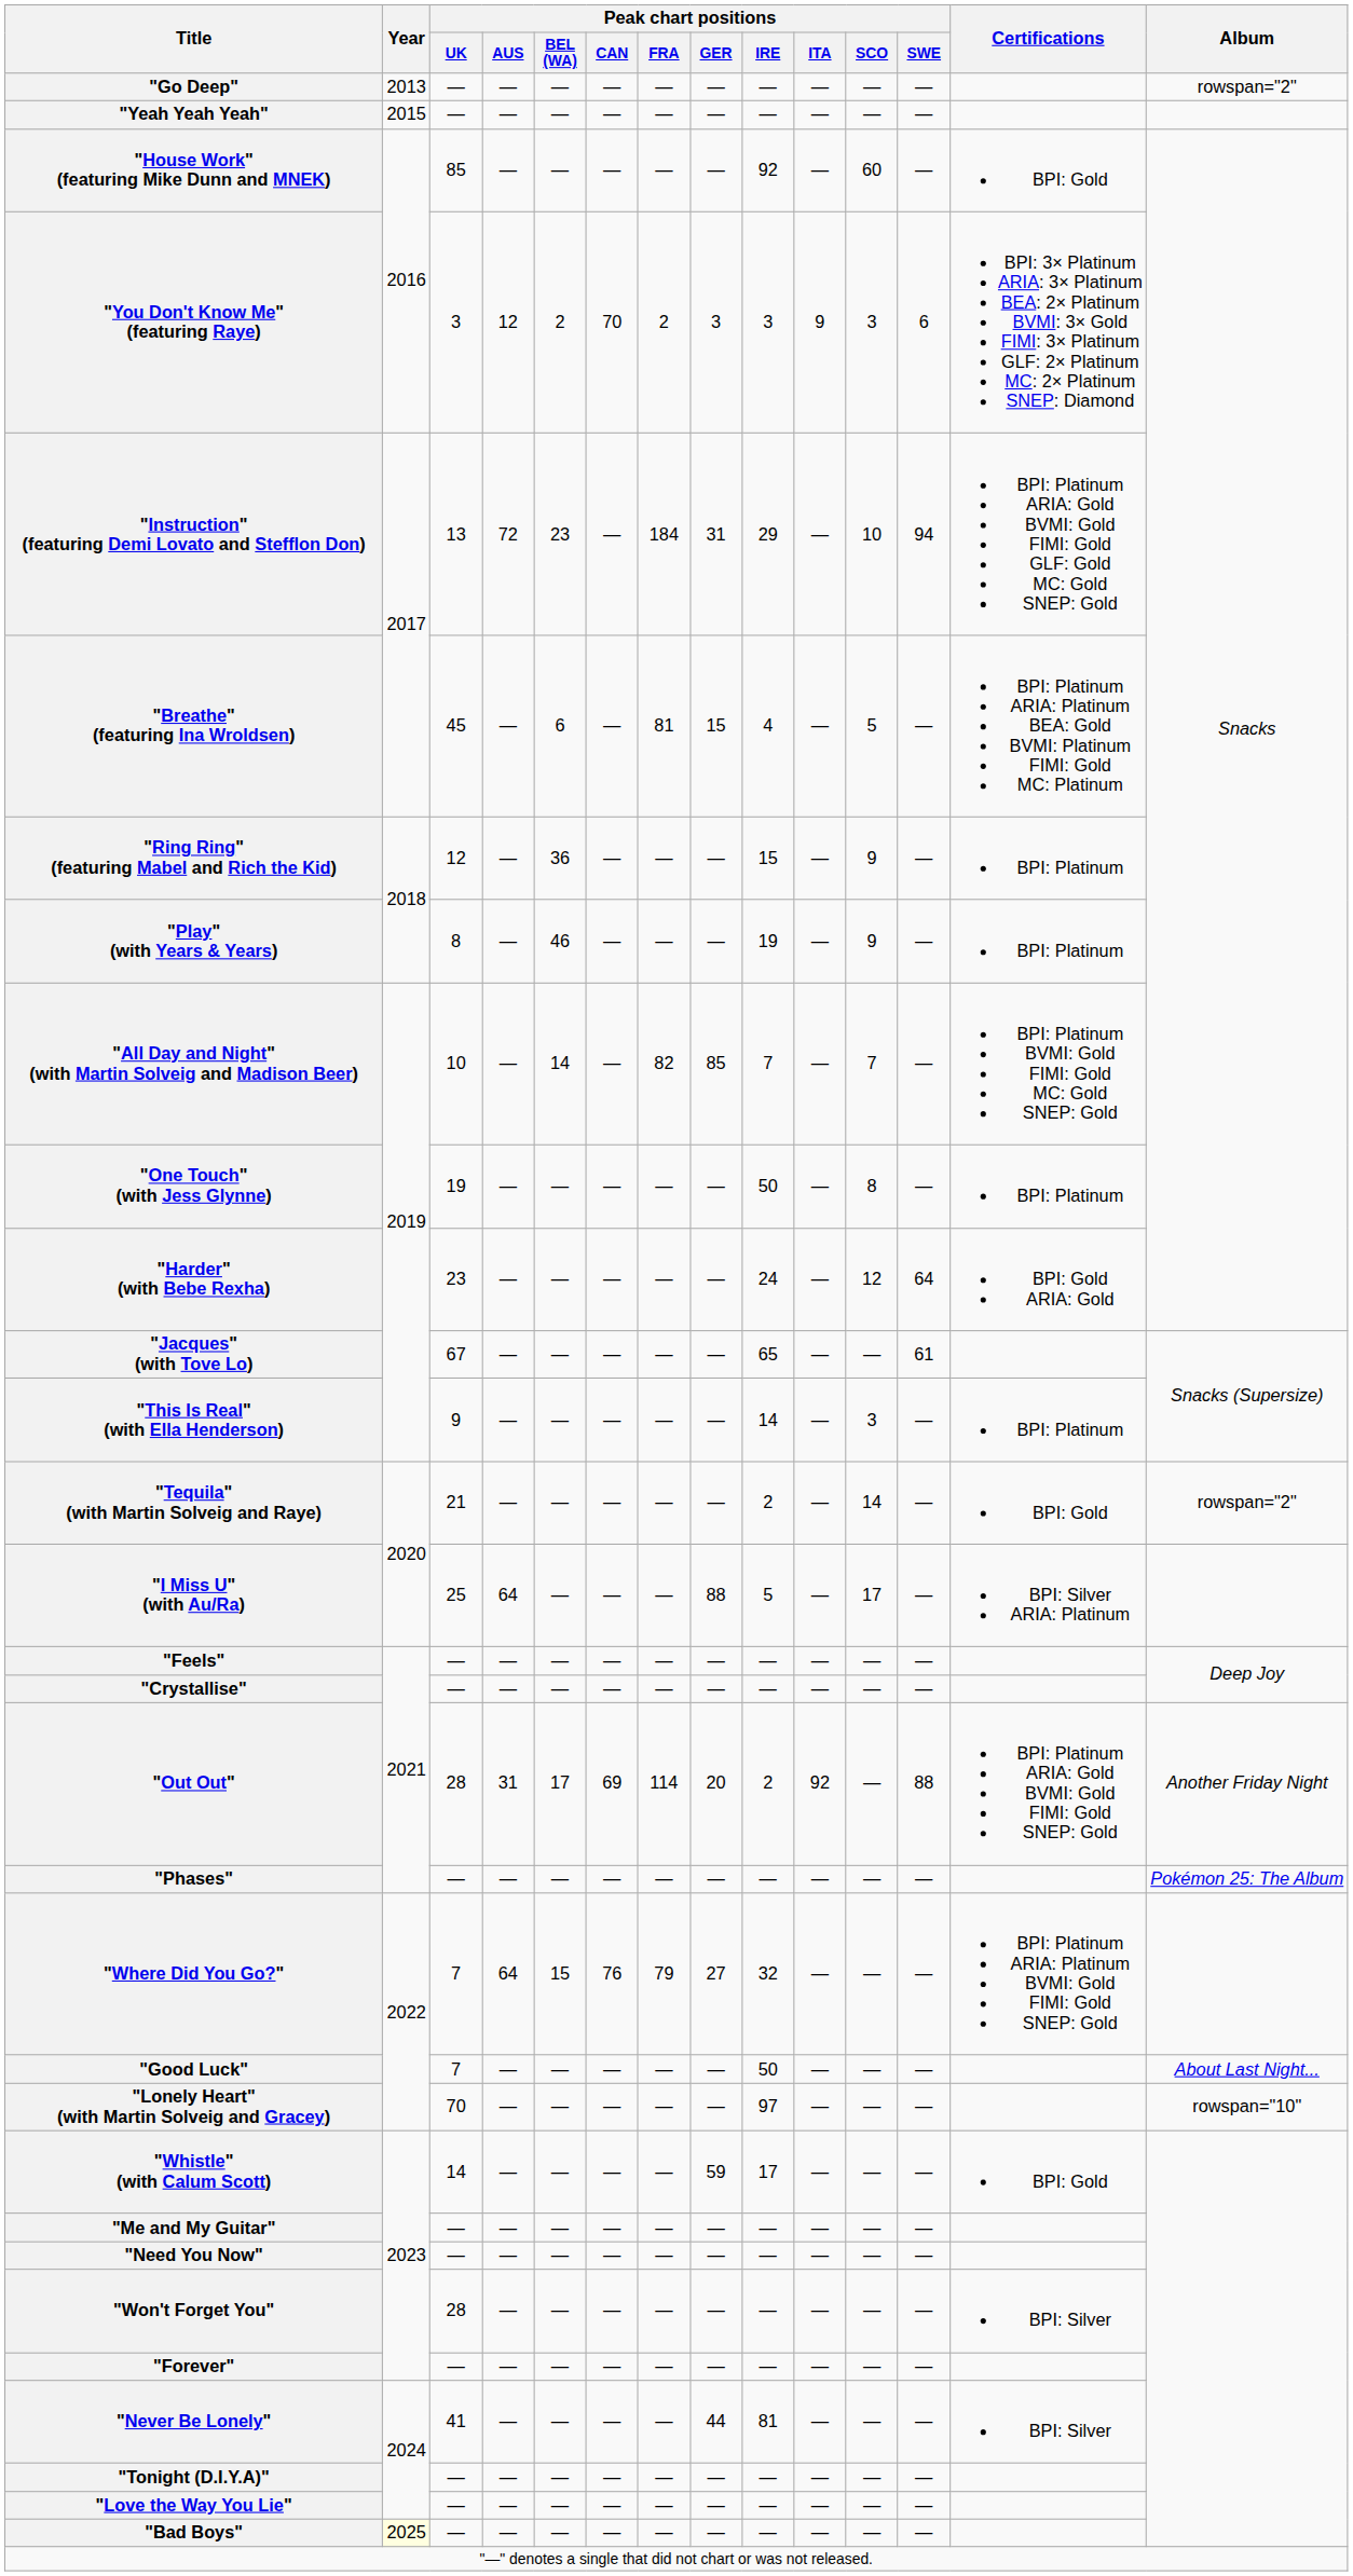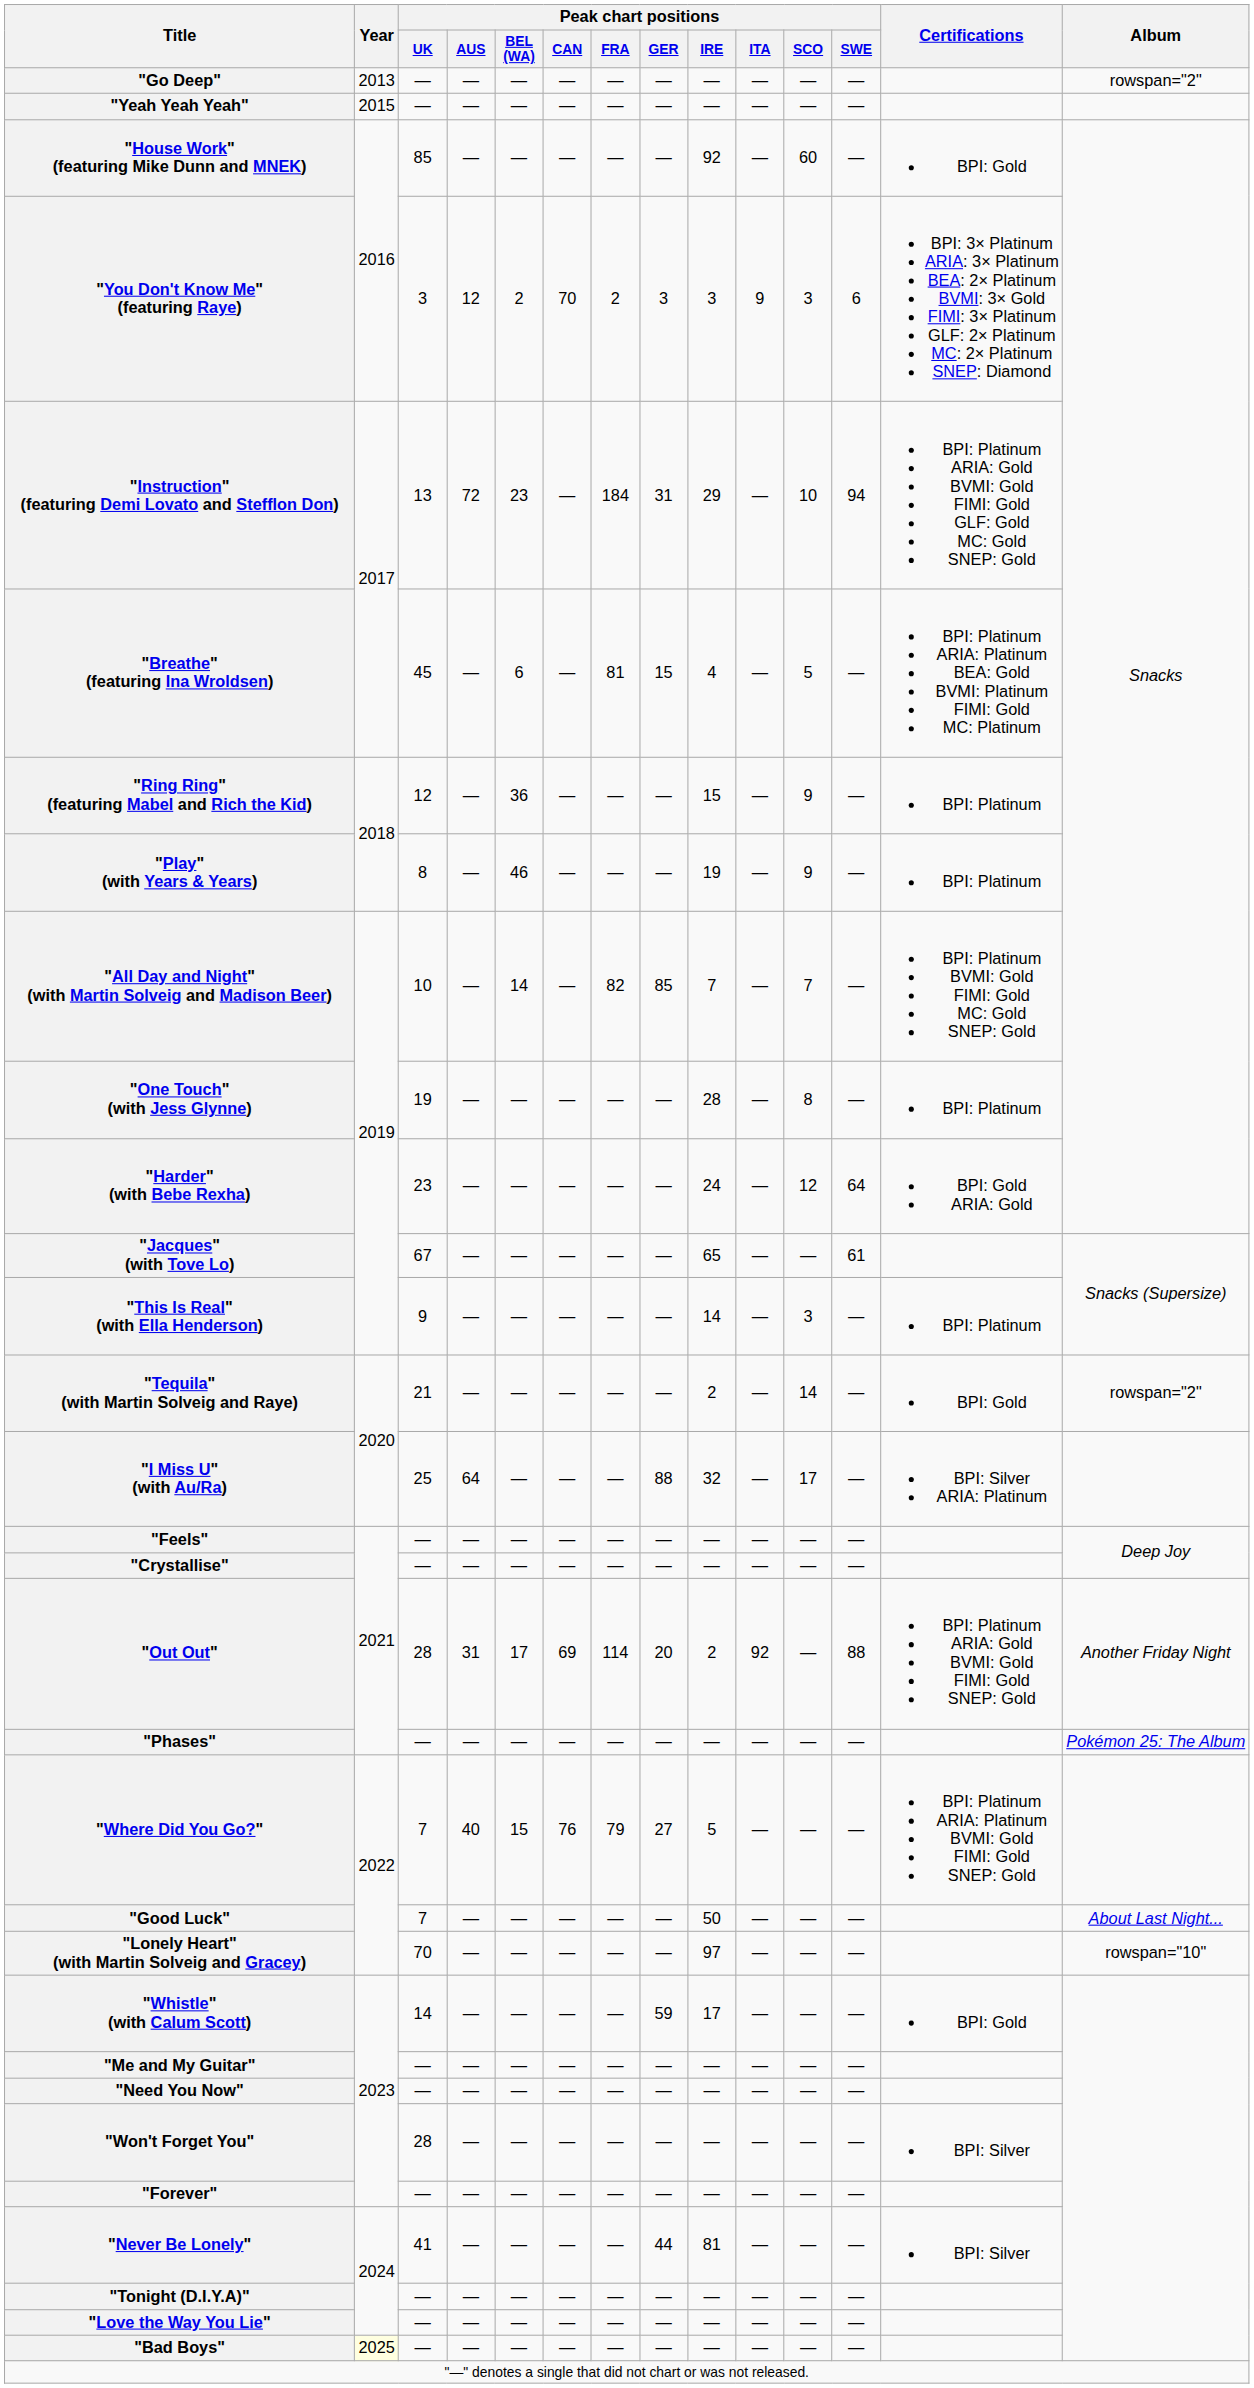 <table class="wikitable plainrowheaders" style="text-align:center;">
 <tr>
 <th scope="col" rowspan="2" style="width:21em;">Title</th>
 <th scope="col" rowspan="2" style="width:1em;">Year</th>
 <th scope="col" colspan="10">Peak chart positions</th>
 <th scope="col" rowspan="2"><a href='#'>Certifications</a></th>
 <th scope="col" rowspan="2">Album</th>
 </tr>
 <tr>
 <th scope="col" style="width:3em;font-size:85%;"><a href='#'>UK</a><br></th>
 <th scope="col" style="width:3em;font-size:85%;"><a href='#'>AUS</a><br></th>
 <th scope="col" style="width:3em;font-size:85%;"><a href='#'>BEL<br>(WA)</a><br></th>
 <th scope="col" style="width:3em;font-size:85%;"><a href='#'>CAN</a><br></th>
 <th scope="col" style="width:3em;font-size:85%;"><a href='#'>FRA</a><br></th>
 <th scope="col" style="width:3em;font-size:85%;"><a href='#'>GER</a><br></th>
 <th scope="col" style="width:3em;font-size:85%;"><a href='#'>IRE</a><br></th>
 <th scope="col" style="width:3em;font-size:85%;"><a href='#'>ITA</a><br></th>
 <th scope="col" style="width:3em;font-size:85%;"><a href='#'>SCO</a><br></th>
 <th scope="col" style="width:3em;font-size:85%;"><a href='#'>SWE</a><br></th>
 </tr>
 <tr>
 <th scope="row">"Go Deep"</th>
 <td>2013</td>
 <td>—</td>
 <td>—</td>
 <td>—</td>
 <td>—</td>
 <td>—</td>
 <td>—</td>
 <td>—</td>
 <td>—</td>
 <td>—</td>
 <td>—</td>
 <td></td>
 <td>rowspan="2" </td>
 </tr>
 <tr>
 <th scope="row">"Yeah Yeah Yeah"</th>
 <td>2015</td>
 <td>—</td>
 <td>—</td>
 <td>—</td>
 <td>—</td>
 <td>—</td>
 <td>—</td>
 <td>—</td>
 <td>—</td>
 <td>—</td>
 <td>—</td>
 <td></td>
 </tr>
 <tr>
 <th scope="row">"<a href='#'>House Work</a>"<br><span>(featuring Mike Dunn and <a href='#'>MNEK</a>)</span></th>
 <td rowspan="2">2016</td>
 <td>85</td>
 <td>—</td>
 <td>—</td>
 <td>—</td>
 <td>—</td>
 <td>—</td>
 <td>92</td>
 <td>—</td>
 <td>60</td>
 <td>—</td>
 <td><br><ul><li>BPI: Gold</li></ul></td>
 <td rowspan="9"><em>Snacks</em></td>
 </tr>
 <tr>
 <th scope="row">"<a href='#'>You Don't Know Me</a>"<br><span>(featuring <a href='#'>Raye</a>)</span></th>
 <td>3</td>
 <td>12</td>
 <td>2</td>
 <td>70</td>
 <td>2</td>
 <td>3</td>
 <td>3</td>
 <td>9</td>
 <td>3</td>
 <td>6</td>
 <td><br><ul><li>BPI: 3× Platinum</li><li><a href='#'>ARIA</a>: 3× Platinum</li><li><a href='#'>BEA</a>: 2× Platinum</li><li><a href='#'>BVMI</a>: 3× Gold</li><li><a href='#'>FIMI</a>: 3× Platinum</li><li>GLF: 2× Platinum</li><li><a href='#'>MC</a>: 2× Platinum</li><li><a href='#'>SNEP</a>: Diamond</li></ul></td>
 </tr>
 <tr>
 <th scope="row">"<a href='#'>Instruction</a>"<br><span>(featuring <a href='#'>Demi Lovato</a> and <a href='#'>Stefflon Don</a>)</span></th>
 <td rowspan="2">2017</td>
 <td>13</td>
 <td>72</td>
 <td>23</td>
 <td>—</td>
 <td>184</td>
 <td>31</td>
 <td>29</td>
 <td>—</td>
 <td>10</td>
 <td>94</td>
 <td><br><ul><li>BPI: Platinum</li><li>ARIA: Gold</li><li>BVMI: Gold</li><li>FIMI: Gold</li><li>GLF: Gold</li><li>MC: Gold</li><li>SNEP: Gold</li></ul></td>
 </tr>
 <tr>
 <th scope="row">"<a href='#'>Breathe</a>"<br><span>(featuring <a href='#'>Ina Wroldsen</a>)</span></th>
 <td>45</td>
 <td>—</td>
 <td>6</td>
 <td>—</td>
 <td>81</td>
 <td>15</td>
 <td>4</td>
 <td>—</td>
 <td>5</td>
 <td>—</td>
 <td><br><ul><li>BPI: Platinum</li><li>ARIA: Platinum</li><li>BEA: Gold</li><li>BVMI: Platinum</li><li>FIMI: Gold</li><li>MC: Platinum</li></ul></td>
 </tr>
 <tr>
 <th scope="row">"<a href='#'>Ring Ring</a>"<br><span>(featuring <a href='#'>Mabel</a> and <a href='#'>Rich the Kid</a>)</span></th>
 <td rowspan="2">2018</td>
 <td>12</td>
 <td>—</td>
 <td>36</td>
 <td>—</td>
 <td>—</td>
 <td>—</td>
 <td>15</td>
 <td>—</td>
 <td>9</td>
 <td>—</td>
 <td><br><ul><li>BPI: Platinum</li></ul></td>
 </tr>
 <tr>
 <th scope="row">"<a href='#'>Play</a>"<br><span>(with <a href='#'>Years & Years</a>)</span></th>
 <td>8</td>
 <td>—</td>
 <td>46</td>
 <td>—</td>
 <td>—</td>
 <td>—</td>
 <td>19</td>
 <td>—</td>
 <td>9</td>
 <td>—</td>
 <td><br><ul><li>BPI: Platinum</li></ul></td>
 </tr>
 <tr>
 <th scope="row">"<a href='#'>All Day and Night</a>"<br><span>(with <a href='#'>Martin Solveig</a> and <a href='#'>Madison Beer</a>)</span></th>
 <td rowspan="5">2019</td>
 <td>10</td>
 <td>—</td>
 <td>14</td>
 <td>—</td>
 <td>82</td>
 <td>85</td>
 <td>7</td>
 <td>—</td>
 <td>7</td>
 <td>—</td>
 <td><br><ul><li>BPI: Platinum</li><li>BVMI: Gold</li><li>FIMI: Gold</li><li>MC: Gold</li><li>SNEP: Gold</li></ul></td>
 </tr>
 <tr>
 <th scope="row">"<a href='#'>One Touch</a>"<br><span>(with <a href='#'>Jess Glynne</a>)</span></th>
 <td>19</td>
 <td>—</td>
 <td>—</td>
 <td>—</td>
 <td>—</td>
 <td>—</td>
-<td>50</td>
+<td>28</td>
 <td>—</td>
 <td>8</td>
 <td>—</td>
 <td><br><ul><li>BPI: Platinum</li></ul></td>
 </tr>
 <tr>
 <th scope="row">"<a href='#'>Harder</a>"<br><span>(with <a href='#'>Bebe Rexha</a>)</span></th>
 <td>23</td>
 <td>—</td>
 <td>—</td>
 <td>—</td>
 <td>—</td>
 <td>—</td>
 <td>24</td>
 <td>—</td>
 <td>12</td>
 <td>64</td>
 <td><br><ul><li>BPI: Gold</li><li>ARIA: Gold</li></ul></td>
 </tr>
 <tr>
 <th scope="row">"<a href='#'>Jacques</a>"<br><span>(with <a href='#'>Tove Lo</a>)</span></th>
 <td>67</td>
 <td>—</td>
 <td>—</td>
 <td>—</td>
 <td>—</td>
 <td>—</td>
 <td>65</td>
 <td>—</td>
 <td>—</td>
 <td>61</td>
 <td></td>
 <td rowspan="2"><em>Snacks (Supersize)</em></td>
 </tr>
 <tr>
 <th scope="row">"<a href='#'>This Is Real</a>"<br><span>(with <a href='#'>Ella Henderson</a>)</span></th>
 <td>9</td>
 <td>—</td>
 <td>—</td>
 <td>—</td>
 <td>—</td>
 <td>—</td>
 <td>14</td>
 <td>—</td>
 <td>3</td>
 <td>—</td>
 <td><br><ul><li>BPI: Platinum</li></ul></td>
 </tr>
 <tr>
 <th scope="row">"<a href='#'>Tequila</a>"<br><span>(with Martin Solveig and Raye)</span></th>
 <td rowspan="2">2020</td>
 <td>21</td>
 <td>—</td>
 <td>—</td>
 <td>—</td>
 <td>—</td>
 <td>—</td>
 <td>2</td>
 <td>—</td>
 <td>14</td>
 <td>—</td>
 <td><br><ul><li>BPI: Gold</li></ul></td>
 <td>rowspan="2" </td>
 </tr>
 <tr>
 <th scope="row">"<a href='#'>I Miss U</a>"<br><span>(with <a href='#'>Au/Ra</a>)</span></th>
 <td>25</td>
 <td>64</td>
 <td>—</td>
 <td>—</td>
 <td>—</td>
 <td>88</td>
-<td>5</td>
+<td>32</td>
 <td>—</td>
 <td>17</td>
 <td>—</td>
 <td><br><ul><li>BPI: Silver</li><li>ARIA: Platinum</li></ul></td>
 </tr>
 <tr>
 <th scope="row">"Feels"</th>
 <td rowspan="4">2021</td>
 <td>—</td>
 <td>—</td>
 <td>—</td>
 <td>—</td>
 <td>—</td>
 <td>—</td>
 <td>—</td>
 <td>—</td>
 <td>—</td>
 <td>—</td>
 <td></td>
 <td rowspan="2"><em>Deep Joy</em></td>
 </tr>
 <tr>
 <th scope="row">"Crystallise"<br></th>
 <td>—</td>
 <td>—</td>
 <td>—</td>
 <td>—</td>
 <td>—</td>
 <td>—</td>
 <td>—</td>
 <td>—</td>
 <td>—</td>
 <td>—</td>
 <td></td>
 </tr>
 <tr>
 <th scope="row">"<a href='#'>Out Out</a>"<br></th>
 <td>28</td>
 <td>31</td>
 <td>17</td>
 <td>69</td>
 <td>114</td>
 <td>20</td>
 <td>2</td>
 <td>92</td>
 <td>—</td>
 <td>88</td>
 <td><br><ul><li>BPI: Platinum</li><li>ARIA: Gold</li><li>BVMI: Gold</li><li>FIMI: Gold</li><li>SNEP: Gold</li></ul></td>
 <td><em>Another Friday Night</em></td>
 </tr>
 <tr>
 <th scope="row">"Phases"<br></th>
 <td>—</td>
 <td>—</td>
 <td>—</td>
 <td>—</td>
 <td>—</td>
 <td>—</td>
 <td>—</td>
 <td>—</td>
 <td>—</td>
 <td>—</td>
 <td></td>
 <td><em><a href='#'>Pokémon 25: The Album</a></em></td>
 </tr>
 <tr>
 <th scope="row">"<a href='#'>Where Did You Go?</a>"<br></th>
 <td rowspan="3">2022</td>
 <td>7</td>
-<td>64</td>
+<td>40</td>
 <td>15</td>
 <td>76</td>
 <td>79</td>
 <td>27</td>
-<td>32</td>
+<td>5</td>
 <td>—</td>
 <td>—</td>
 <td>—</td>
 <td><br><ul><li>BPI: Platinum</li><li>ARIA: Platinum</li><li>BVMI: Gold</li><li>FIMI: Gold</li><li>SNEP: Gold</li></ul></td>
 <td></td>
 </tr>
 <tr>
 <th scope="row">"Good Luck" <br></th>
 <td>7</td>
 <td>—</td>
 <td>—</td>
 <td>—</td>
 <td>—</td>
 <td>—</td>
 <td>50</td>
 <td>—</td>
 <td>—</td>
 <td>—</td>
 <td></td>
 <td><em><a href='#'>About Last Night...</a></em></td>
 </tr>
 <tr>
 <th scope="row">"Lonely Heart"<br><span>(with Martin Solveig and <a href='#'>Gracey</a>)</span></th>
 <td>70</td>
 <td>—</td>
 <td>—</td>
 <td>—</td>
 <td>—</td>
 <td>—</td>
 <td>97</td>
 <td>—</td>
 <td>—</td>
 <td>—</td>
 <td></td>
 <td>rowspan="10" </td>
 </tr>
 <tr>
 <th scope="row">"<a href='#'>Whistle</a>"<br><span>(with <a href='#'>Calum Scott</a>)</span></th>
 <td rowspan="5">2023</td>
 <td>14</td>
 <td>—</td>
 <td>—</td>
 <td>—</td>
 <td>—</td>
 <td>59</td>
 <td>17</td>
 <td>—</td>
 <td>—</td>
 <td>—</td>
 <td><br><ul><li>BPI: Gold</li></ul></td>
 </tr>
 <tr>
 <th scope="row">"Me and My Guitar"<br></th>
 <td>—</td>
 <td>—</td>
 <td>—</td>
 <td>—</td>
 <td>—</td>
 <td>—</td>
 <td>—</td>
 <td>—</td>
 <td>—</td>
 <td>—</td>
 <td></td>
 </tr>
 <tr>
 <th scope="row">"Need You Now"<br></th>
 <td>—</td>
 <td>—</td>
 <td>—</td>
 <td>—</td>
 <td>—</td>
 <td>—</td>
 <td>—</td>
 <td>—</td>
 <td>—</td>
 <td>—</td>
 <td></td>
 </tr>
 <tr>
 <th scope="row">"Won't Forget You"<br></th>
 <td>28</td>
 <td>—</td>
 <td>—</td>
 <td>—</td>
 <td>—</td>
 <td>—</td>
 <td>—</td>
 <td>—</td>
 <td>—</td>
 <td>—</td>
 <td><br><ul><li>BPI: Silver</li></ul></td>
 </tr>
 <tr>
 <th scope="row">"Forever"<br></th>
 <td>—</td>
 <td>—</td>
 <td>—</td>
 <td>—</td>
 <td>—</td>
 <td>—</td>
 <td>—</td>
 <td>—</td>
 <td>—</td>
 <td>—</td>
 <td></td>
 </tr>
 <tr>
 <th scope="row">"<a href='#'>Never Be Lonely</a>"<br></th>
 <td rowspan="3">2024</td>
 <td>41</td>
 <td>—</td>
 <td>—</td>
 <td>—</td>
 <td>—</td>
 <td>44</td>
 <td>81<br></td>
 <td>—</td>
 <td>—</td>
 <td>—</td>
 <td><br><ul><li>BPI: Silver</li></ul></td>
 </tr>
 <tr>
 <th scope="row">"Tonight (D.I.Y.A)"<br></th>
 <td>—</td>
 <td>—</td>
 <td>—</td>
 <td>—</td>
 <td>—</td>
 <td>—</td>
 <td>—</td>
 <td>—</td>
 <td>—</td>
 <td>—</td>
 <td></td>
 </tr>
 <tr>
 <th scope="row">"<a href='#'>Love the Way You Lie</a>"<br></th>
 <td>—</td>
 <td>—</td>
 <td>—</td>
 <td>—</td>
 <td>—</td>
 <td>—</td>
 <td>—</td>
 <td>—</td>
 <td>—</td>
 <td>—</td>
 <td></td>
 </tr>
 <tr>
 <th scope="row">"Bad Boys"<br></th>
 <td style="background: lightyellow;">2025</td>
 <td>—</td>
 <td>—</td>
 <td>—</td>
 <td>—</td>
 <td>—</td>
 <td>—</td>
 <td>—</td>
 <td>—</td>
 <td>—</td>
 <td>—</td>
 <td></td>
 </tr>
 <tr>
 <td colspan="14" style="font-size:85%">"—" denotes a single that did not chart or was not released.</td>
 </tr>
 </table>
